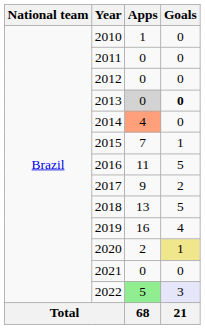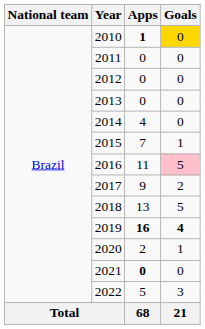 <table class="wikitable" style="text-align: center;">
 <tr>
 <th>National team</th>
 <th>Year</th>
 <th>Apps</th>
 <th>Goals</th>
 </tr>
 <tr>
 <td rowspan="13"><a href='#'>Brazil</a></td>
 <td>2010</td>
-<td>1</td>
-<td>0</td>
+<td><strong>1</strong></td>
+<td style="background: gold;">0</td>
 </tr>
 <tr>
 <td>2011</td>
 <td>0</td>
 <td>0</td>
 </tr>
 <tr>
 <td>2012</td>
 <td>0</td>
 <td>0</td>
 </tr>
 <tr>
 <td>2013</td>
-<td style="background: lightgrey;">0</td>
-<td><strong>0</strong></td>
+<td>0</td>
+<td>0</td>
 </tr>
 <tr>
 <td>2014</td>
-<td style="background: lightsalmon;">4</td>
+<td>4</td>
 <td>0</td>
 </tr>
 <tr>
 <td>2015</td>
 <td>7</td>
 <td>1</td>
 </tr>
 <tr>
 <td>2016</td>
 <td>11</td>
-<td>5</td>
+<td style="background: pink;">5</td>
 </tr>
 <tr>
 <td>2017</td>
 <td>9</td>
 <td>2</td>
 </tr>
 <tr>
 <td>2018</td>
 <td>13</td>
 <td>5</td>
 </tr>
 <tr>
 <td>2019</td>
-<td>16</td>
-<td>4</td>
+<td><strong>16</strong></td>
+<td><strong>4</strong></td>
 </tr>
 <tr>
 <td>2020</td>
 <td>2</td>
-<td style="background: khaki;">1</td>
+<td>1</td>
 </tr>
 <tr>
 <td>2021</td>
-<td>0</td>
+<td><strong>0</strong></td>
 <td>0</td>
 </tr>
 <tr>
 <td>2022</td>
-<td style="background: lightgreen;">5</td>
-<td style="background: lavender;">3</td>
+<td>5</td>
+<td>3</td>
 </tr>
 <tr>
 <th colspan="2">Total</th>
 <th>68</th>
 <th>21</th>
 </tr>
 </table>
